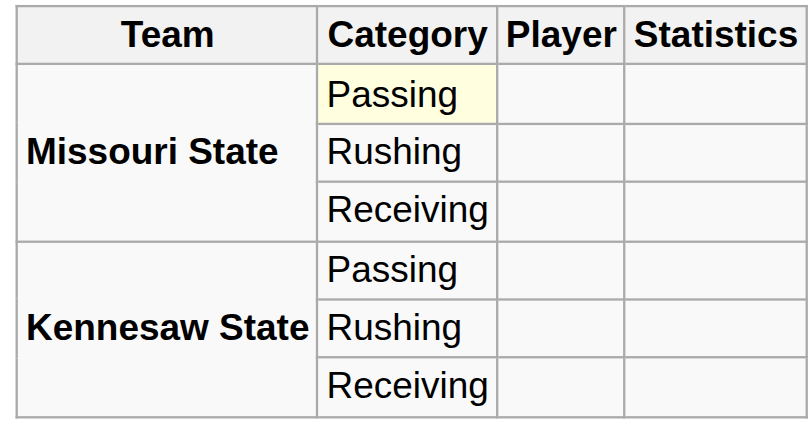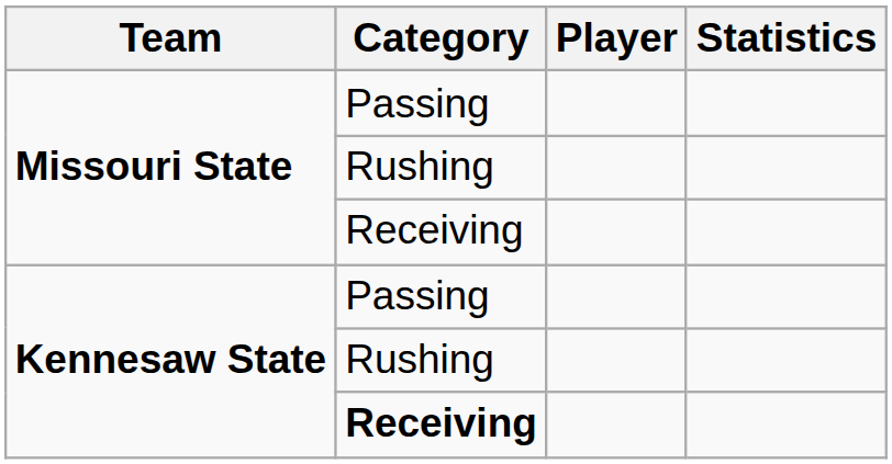 <table class="wikitable" style="float: right;">
 <tr>
 <th>Team</th>
 <th>Category</th>
 <th>Player</th>
 <th>Statistics</th>
 </tr>
 <tr>
 <td rowspan=3><strong>Missouri State</strong></td>
-<td style="background: lightyellow;">Passing</td>
+<td>Passing</td>
 <td></td>
 <td></td>
 </tr>
 <tr>
 <td>Rushing</td>
 <td></td>
 <td></td>
 </tr>
 <tr>
 <td>Receiving</td>
 <td></td>
 <td></td>
 </tr>
 <tr>
 <td rowspan=3><strong>Kennesaw State</strong></td>
 <td>Passing</td>
 <td></td>
 <td></td>
 </tr>
 <tr>
 <td>Rushing</td>
 <td></td>
 <td></td>
 </tr>
 <tr>
-<td>Receiving</td>
+<td><strong>Receiving</strong></td>
 <td></td>
 <td></td>
 </tr>
 </table>
